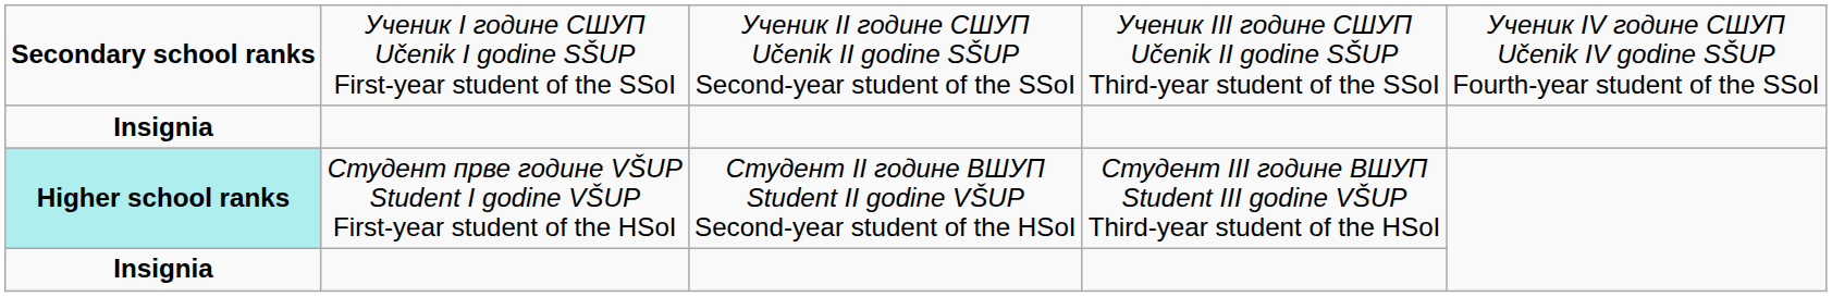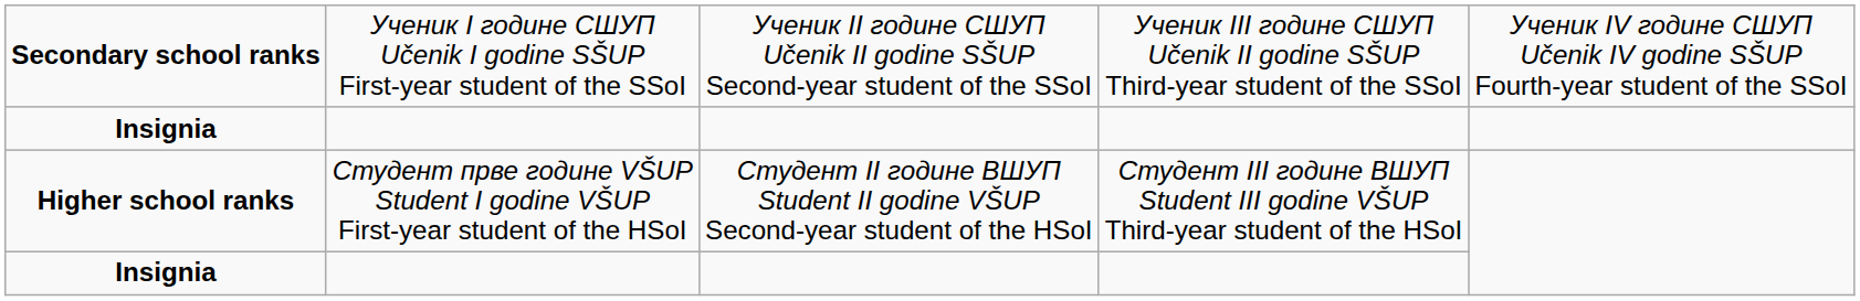 <table class="wikitable" style="text-align:center">
 <tr>
 <td><strong>Secondary school ranks</strong></td>
 <td><em>Ученик I године СШУП</em><br><em>Učenik I godine SŠUP</em><br>First-year student of the SSoI</td>
 <td><em>Ученик II године СШУП</em><br><em>Učenik II godine SŠUP</em><br>Second-year student of the SSoI</td>
 <td><em>Ученик III године СШУП</em><br><em>Učenik II godine SŠUP</em><br>Third-year student of the SSoI</td>
 <td><em>Ученик IV године СШУП</em><br><em>Učenik IV godine SŠUP</em><br>Fourth-year student of the SSoI</td>
 </tr>
 <tr>
 <td><strong>Insignia</strong></td>
 <td></td>
 <td></td>
 <td></td>
 <td></td>
 </tr>
 <tr>
-<td style="background: paleturquoise;"><strong>Higher school ranks</strong></td>
+<td><strong>Higher school ranks</strong></td>
 <td><em>Студент прве године VŠUP</em><br><em>Student I godine VŠUP</em><br>First-year student of the HSoI</td>
 <td><em>Студент II године ВШУП</em><br><em>Student II godine VŠUP</em><br>Second-year student of the HSoI</td>
 <td><em>Студент III године ВШУП</em><br><em>Student III godine VŠUP</em><br>Third-year student of the HSoI</td>
 </tr>
 <tr>
 <td><strong>Insignia</strong></td>
 <td></td>
 <td></td>
 <td></td>
 </tr>
 </table>
